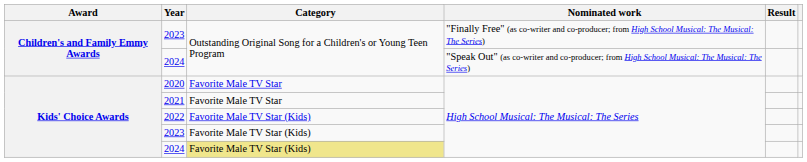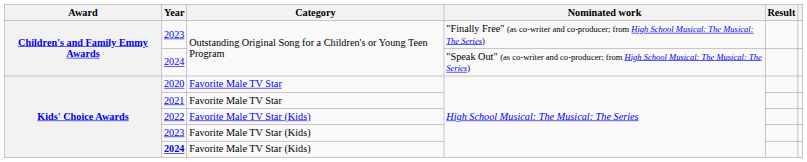 <table class="wikitable sortable plainrowheaders">
 <tr>
 <th scope="col">Award</th>
 <th scope="col">Year</th>
 <th scope="col">Category</th>
 <th scope="col">Nominated work</th>
 <th scope="col">Result</th>
 <th scope="col" class="unsortable"></th>
 </tr>
 <tr>
 <th scope="row" rowspan=2><a href='#'>Children's and Family Emmy Awards</a></th>
 <td><a href='#'>2023</a></td>
 <td rowspan=2>Outstanding Original Song for a Children's or Young Teen Program</td>
 <td>"Finally Free" <small>(as co-writer and co-producer; from <em><a href='#'>High School Musical: The Musical: The Series</a></em>)</small></td>
 <td></td>
 <td style="text-align:center;"></td>
 </tr>
 <tr>
 <td><a href='#'>2024</a></td>
 <td>"Speak Out" <small>(as co-writer and co-producer; from <em><a href='#'>High School Musical: The Musical: The Series</a></em>)</small></td>
 <td></td>
 <td style="text-align:center;"></td>
 </tr>
 <tr>
 <th scope="row" rowspan="5"><a href='#'>Kids' Choice Awards</a></th>
 <td><a href='#'>2020</a></td>
 <td><a href='#'>Favorite Male TV Star</a></td>
 <td rowspan="5"><em><a href='#'>High School Musical: The Musical: The Series</a></em></td>
 <td></td>
 <td style="text-align:center;"></td>
 </tr>
 <tr>
 <td><a href='#'>2021</a></td>
 <td>Favorite Male TV Star</td>
 <td></td>
 <td style="text-align:center;"></td>
 </tr>
 <tr>
 <td><a href='#'>2022</a></td>
 <td><a href='#'>Favorite Male TV Star (Kids)</a></td>
 <td></td>
 <td style="text-align:center;"></td>
 </tr>
 <tr>
 <td><a href='#'>2023</a></td>
 <td>Favorite Male TV Star (Kids)</td>
 <td></td>
 <td style="text-align:center;"></td>
 </tr>
 <tr>
-<td><a href='#'>2024</a></td>
-<td style="background: khaki;">Favorite Male TV Star (Kids)</td>
+<td><strong><a href='#'>2024</a></strong></td>
+<td>Favorite Male TV Star (Kids)</td>
 <td></td>
 <td style="text-align:center;"></td>
 </tr>
 </table>
